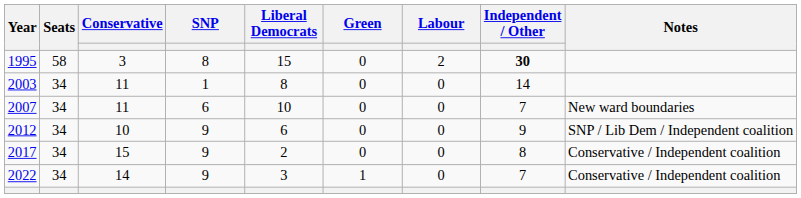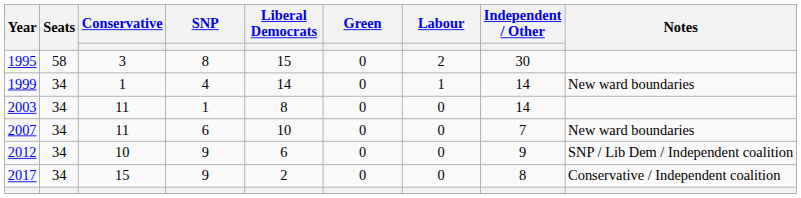 <table class="wikitable" style=text-align:center>
 <tr>
 <th rowspan=2><strong>Year</strong></th>
 <th rowspan=2><strong>Seats</strong></th>
 <th width="80"><strong><a href='#'>Conservative</a></strong></th>
 <th width="80"><a href='#'><strong>SNP</strong></a></th>
 <th width="80"><a href='#'><strong>Liberal Democrats</strong></a></th>
 <th width="80"><a href='#'><strong>Green</strong></a></th>
 <th width="80"><a href='#'><strong>Labour</strong></a></th>
 <th width="80"><a href='#'><strong>Independent / Other</strong></a></th>
 <th rowspan=2><strong>Notes</strong></th>
 </tr>
 <tr>
 <th style="background-color: "></th>
 <th style="background-color: "></th>
 <th style="background-color: "></th>
 <th style="background-color: "></th>
 <th style="background-color: "></th>
 <th style="background-color: "></th>
 </tr>
 <tr>
 <td><a href='#'>1995</a></td>
 <td>58</td>
 <td>3</td>
 <td>8</td>
 <td>15</td>
 <td>0</td>
 <td>2</td>
-<td><strong>30</strong></td>
+<td>30</td>
 <td align=left></td>
+</tr>
+<tr>
+<td><a href='#'>1999</a></td>
+<td>34</td>
+<td>1</td>
+<td>4</td>
+<td>14</td>
+<td>0</td>
+<td>1</td>
+<td>14</td>
+<td align=left>New ward boundaries</td>
 </tr>
 <tr>
 <td><a href='#'>2003</a></td>
 <td>34</td>
 <td>11</td>
 <td>1</td>
 <td>8</td>
 <td>0</td>
 <td>0</td>
 <td>14</td>
 <td align=left></td>
 </tr>
 <tr>
 <td><a href='#'>2007</a></td>
 <td>34</td>
 <td>11</td>
 <td>6</td>
 <td>10</td>
 <td>0</td>
 <td>0</td>
 <td>7</td>
 <td align=left>New ward boundaries</td>
 </tr>
 <tr>
 <td><a href='#'>2012</a></td>
 <td>34</td>
 <td>10</td>
 <td>9</td>
 <td>6</td>
 <td>0</td>
 <td>0</td>
 <td>9</td>
 <td align=left>SNP / Lib Dem / Independent coalition</td>
 </tr>
 <tr>
 <td><a href='#'>2017</a></td>
 <td>34</td>
 <td>15</td>
 <td>9</td>
 <td>2</td>
 <td>0</td>
 <td>0</td>
 <td>8</td>
 <td align=left>Conservative / Independent coalition</td>
 </tr>
 <tr>
-<td><a href='#'>2022</a></td>
-<td>34</td>
-<td>14</td>
-<td>9</td>
-<td>3</td>
-<td>1</td>
-<td>0</td>
-<td>7</td>
-<td align=left>Conservative / Independent coalition</td>
-</tr>
-<tr>
 <th></th>
 <th></th>
 <th style="background-color: "></th>
 <th style="background-color: "></th>
 <th style="background-color: "></th>
 <th style="background-color: "></th>
 <th style="background-color: "></th>
 <th style="background-color: "></th>
 <th></th>
 </tr>
 </table>
